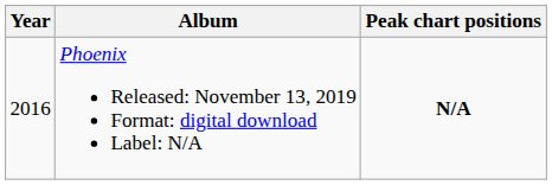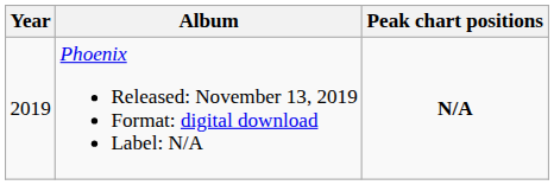 <table class="wikitable" style="text-align:center;">
 <tr>
 <th rowspan="1">Year</th>
 <th rowspan="1">Album</th>
 <th colspan="1">Peak chart positions</th>
 </tr>
 <tr>
-<td>2016</td>
+<td>2019</td>
 <td align="left"><em><a href='#'>Phoenix</a></em><br><ul><li>Released: November 13, 2019</li><li>Format: <a href='#'>digital download</a></li><li>Label: N/A</li></ul></td>
 <td><strong>N/A</strong></td>
 </tr>
 </table>
